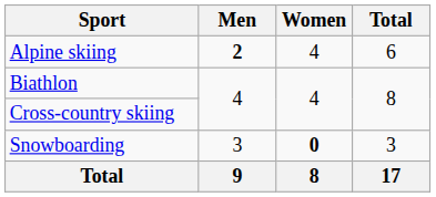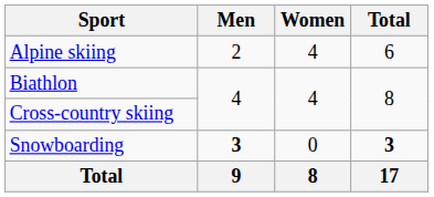 <table class="wikitable sortable" style=text-align:center>
 <tr>
 <th width=150>Sport</th>
 <th width=55>Men</th>
 <th width=55>Women</th>
 <th width=55>Total</th>
 </tr>
 <tr>
 <td align=left><a href='#'>Alpine skiing</a></td>
-<td><strong>2</strong></td>
+<td>2</td>
 <td>4</td>
 <td>6</td>
 </tr>
 <tr>
 <td align=left><a href='#'>Biathlon</a></td>
 <td rowspan=2>4</td>
 <td rowspan=2>4</td>
 <td rowspan=2>8</td>
 </tr>
 <tr>
 <td align=left><a href='#'>Cross-country skiing</a></td>
 </tr>
 <tr>
 <td align=left><a href='#'>Snowboarding</a></td>
-<td>3</td>
-<td><strong>0</strong></td>
-<td>3</td>
+<td><strong>3</strong></td>
+<td>0</td>
+<td><strong>3</strong></td>
 </tr>
 <tr>
 <th>Total</th>
 <th>9</th>
 <th>8</th>
 <th>17</th>
 </tr>
 </table>
